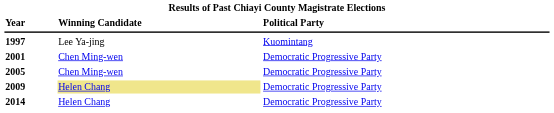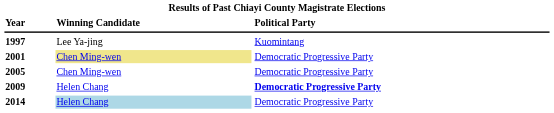 <table id="toc" style="margin:1em auto; width: 90%; font-size: 90%;" cellspacing="3">
 <tr>
 <td colspan="3" align="center"><strong>Results of Past Chiayi County Magistrate Elections</strong></td>
 </tr>
 <tr>
 <td><strong>Year</strong></td>
 <td><strong> Winning Candidate</strong></td>
 <td><strong>Political Party</strong></td>
 </tr>
 <tr>
 <th bgcolor="#000000" colspan="5"></th>
 </tr>
 <tr>
 <td><strong>1997</strong></td>
 <td>Lee Ya-jing</td>
 <td> <a href='#'>Kuomintang</a></td>
 </tr>
 <tr>
 <td><strong>2001</strong></td>
-<td><a href='#'>Chen Ming-wen</a></td>
+<td style="background: khaki;"><a href='#'>Chen Ming-wen</a></td>
 <td> <a href='#'>Democratic Progressive Party</a></td>
 </tr>
 <tr>
 <td><strong>2005</strong></td>
 <td><a href='#'>Chen Ming-wen</a></td>
 <td> <a href='#'>Democratic Progressive Party</a></td>
 </tr>
 <tr>
 <td><strong>2009</strong></td>
-<td style="background: khaki;"><a href='#'>Helen Chang</a></td>
-<td> <a href='#'>Democratic Progressive Party</a></td>
+<td><a href='#'>Helen Chang</a></td>
+<td><strong> <a href='#'>Democratic Progressive Party</a></strong></td>
 </tr>
 <tr>
 <td><strong>2014</strong></td>
-<td><a href='#'>Helen Chang</a></td>
+<td style="background: lightblue;"><a href='#'>Helen Chang</a></td>
 <td> <a href='#'>Democratic Progressive Party</a></td>
 </tr>
 </table>
